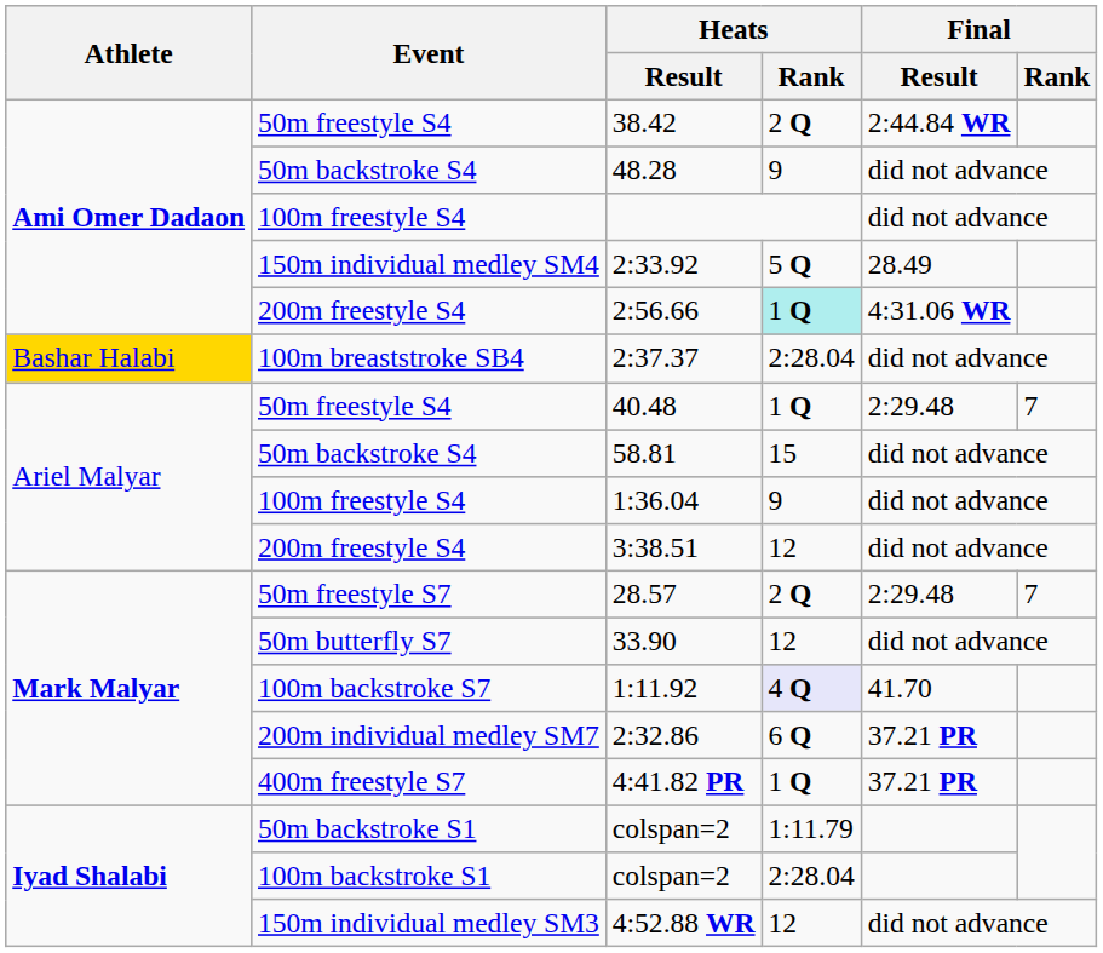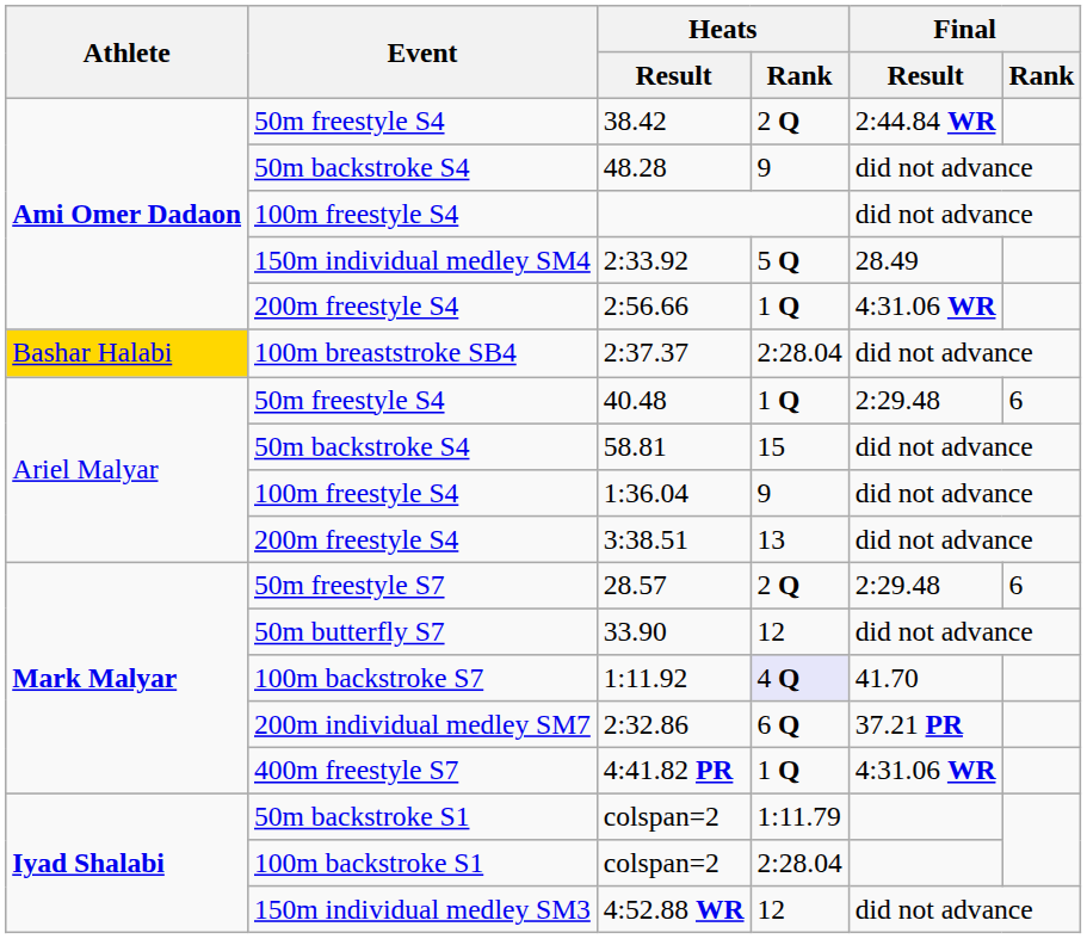 <table class=wikitable style="font-size:95%" style="text-align:center">
 <tr>
 <th rowspan=2>Athlete</th>
 <th rowspan=2>Event</th>
 <th colspan=2>Heats</th>
 <th colspan=2>Final</th>
 </tr>
 <tr>
 <th>Result</th>
 <th>Rank</th>
 <th>Result</th>
 <th>Rank</th>
 </tr>
 <tr>
 <td align=left rowspan=5><strong><a href='#'>Ami Omer Dadaon</a></strong></td>
 <td align=left><a href='#'>50m freestyle S4</a></td>
 <td>38.42</td>
 <td>2 <strong>Q</strong></td>
 <td>2:44.84 <strong><a href='#'>WR</a></strong></td>
 <td></td>
 </tr>
 <tr>
 <td align=left><a href='#'>50m backstroke S4</a></td>
 <td>48.28</td>
 <td>9</td>
 <td colspan=2>did not advance</td>
 </tr>
 <tr>
 <td align=left><a href='#'>100m freestyle S4</a></td>
 <td colspan=2></td>
 <td colspan=2>did not advance</td>
 </tr>
 <tr>
 <td align=left><a href='#'>150m individual medley SM4</a></td>
 <td>2:33.92</td>
 <td>5 <strong>Q</strong></td>
 <td>28.49</td>
 <td></td>
 </tr>
 <tr>
 <td align=left><a href='#'>200m freestyle S4</a></td>
 <td>2:56.66</td>
-<td style="background: paleturquoise;">1 <strong>Q</strong></td>
+<td>1 <strong>Q</strong></td>
 <td>4:31.06 <strong><a href='#'>WR</a></strong></td>
 <td></td>
 </tr>
 <tr>
 <td align=left style="background: gold;"><a href='#'>Bashar Halabi</a></td>
 <td align=left><a href='#'>100m breaststroke SB4</a></td>
 <td>2:37.37</td>
 <td>2:28.04</td>
 <td colspan=2>did not advance</td>
 </tr>
 <tr>
 <td align=left rowspan=4><a href='#'>Ariel Malyar</a></td>
 <td align=left><a href='#'>50m freestyle S4</a></td>
 <td>40.48</td>
 <td>1 <strong>Q</strong></td>
 <td>2:29.48</td>
-<td>7</td>
+<td>6</td>
 </tr>
 <tr>
 <td align=left><a href='#'>50m backstroke S4</a></td>
 <td>58.81</td>
 <td>15</td>
 <td colspan=2>did not advance</td>
 </tr>
 <tr>
 <td align=left><a href='#'>100m freestyle S4</a></td>
 <td>1:36.04</td>
 <td>9</td>
 <td colspan=2>did not advance</td>
 </tr>
 <tr>
 <td align=left><a href='#'>200m freestyle S4</a></td>
 <td>3:38.51</td>
-<td>12</td>
+<td>13</td>
 <td colspan=2>did not advance</td>
 </tr>
 <tr>
 <td align=left rowspan=5><strong><a href='#'>Mark Malyar</a></strong></td>
 <td align=left><a href='#'>50m freestyle S7</a></td>
 <td>28.57</td>
 <td>2 <strong>Q</strong></td>
 <td>2:29.48</td>
-<td>7</td>
+<td>6</td>
 </tr>
 <tr>
 <td align=left><a href='#'>50m butterfly S7</a></td>
 <td>33.90</td>
 <td>12</td>
 <td colspan=2>did not advance</td>
 </tr>
 <tr>
 <td align=left><a href='#'>100m backstroke S7</a></td>
 <td>1:11.92</td>
 <td style="background: lavender;">4 <strong>Q</strong></td>
 <td>41.70</td>
 <td></td>
 </tr>
 <tr>
 <td align=left><a href='#'>200m individual medley SM7</a></td>
 <td>2:32.86</td>
 <td>6 <strong>Q</strong></td>
 <td>37.21 <strong><a href='#'>PR</a></strong></td>
 <td></td>
 </tr>
 <tr>
 <td align=left><a href='#'>400m freestyle S7</a></td>
 <td>4:41.82 <strong><a href='#'>PR</a></strong></td>
 <td>1 <strong>Q</strong></td>
-<td>37.21 <strong><a href='#'>PR</a></strong></td>
+<td>4:31.06 <strong><a href='#'>WR</a></strong></td>
 <td></td>
 </tr>
 <tr>
 <td align=left rowspan=3><strong><a href='#'>Iyad Shalabi</a></strong></td>
 <td align=left><a href='#'>50m backstroke S1</a></td>
 <td>colspan=2 </td>
 <td>1:11.79</td>
 <td></td>
 </tr>
 <tr>
 <td align=left><a href='#'>100m backstroke S1</a></td>
 <td>colspan=2 </td>
 <td>2:28.04</td>
 <td></td>
 </tr>
 <tr>
 <td align=left><a href='#'>150m individual medley SM3</a></td>
 <td>4:52.88 <strong><a href='#'>WR</a></strong></td>
 <td>12</td>
 <td colspan=2>did not advance</td>
 </tr>
 </table>
